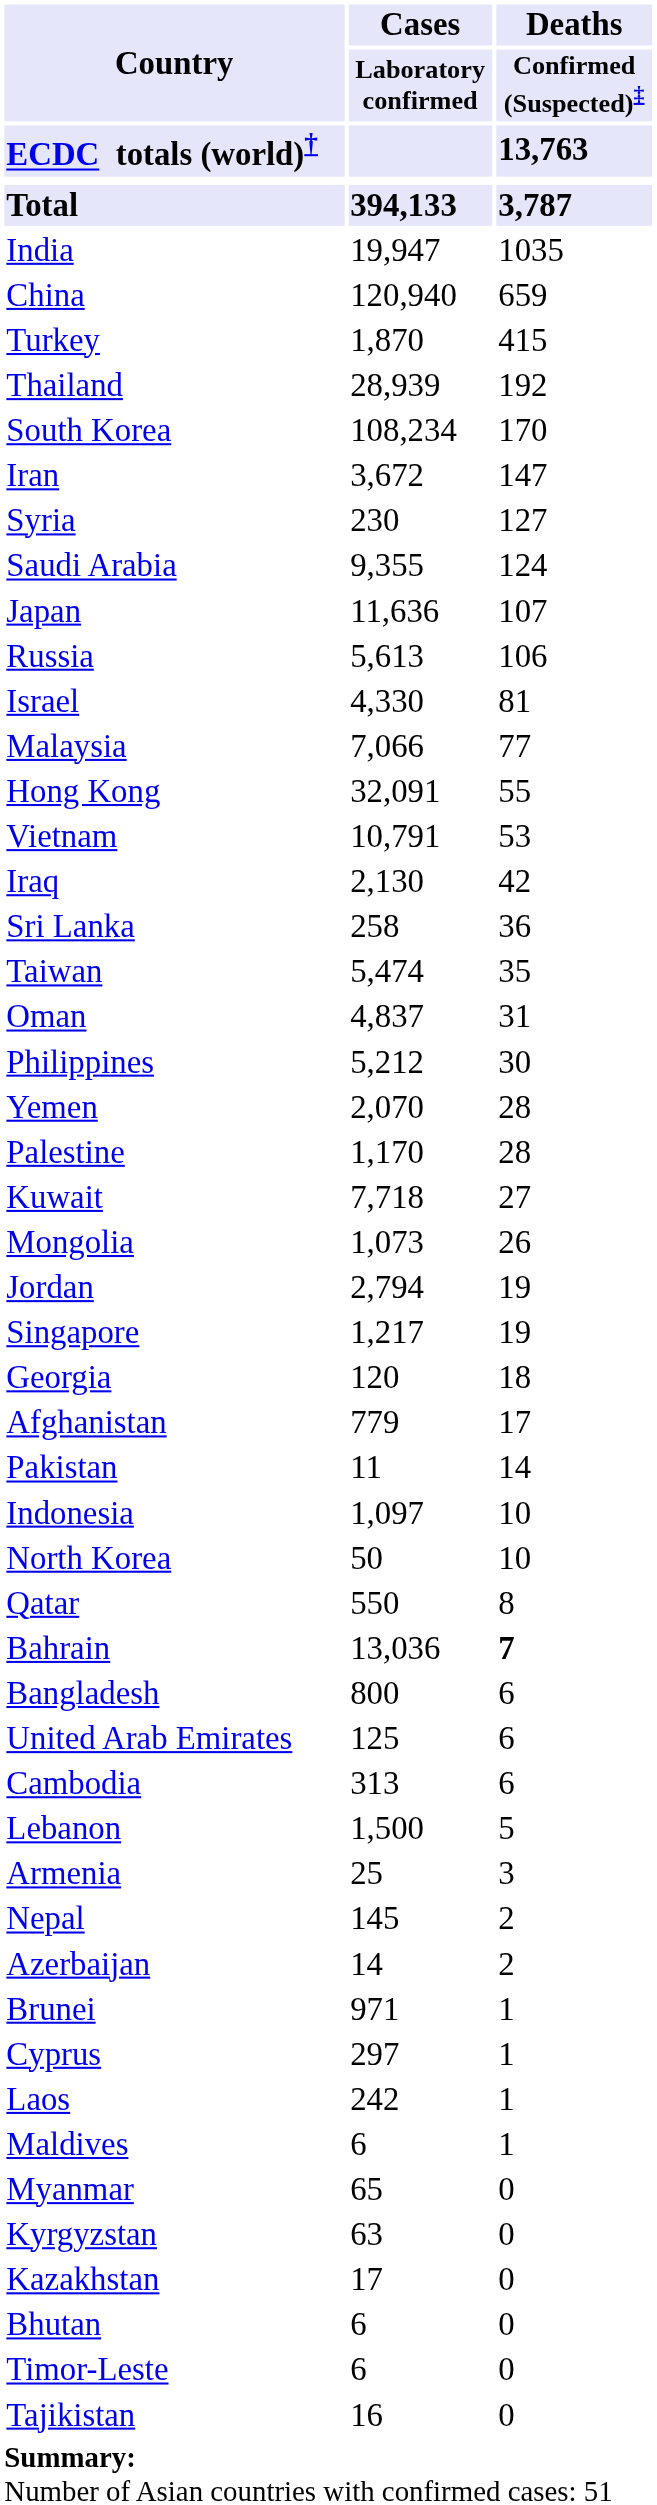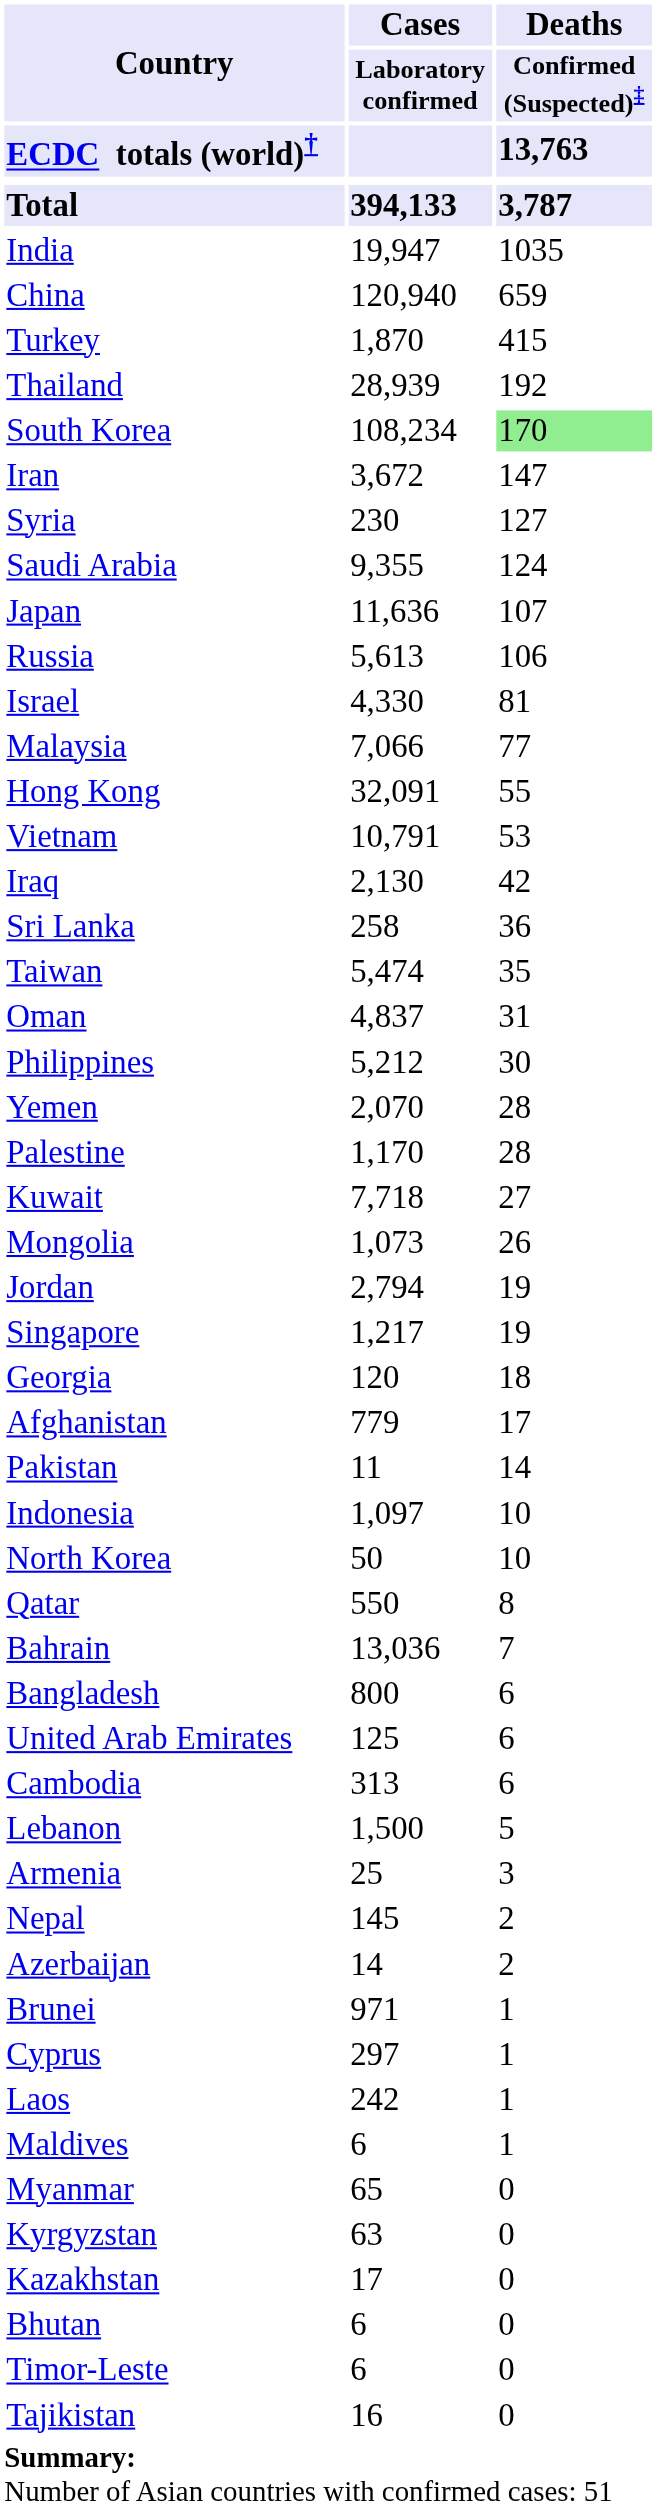 <table class="toccolours" style="float:right; clear:right;margin: 0.5em 0 0.5em 1em; width:20em">
 <tr style="background:lavender">
 <th rowspan="2">Country</th>
 <th>Cases</th>
 <th>Deaths</th>
 </tr>
 <tr style="font-size:80%;background:lavender">
 <th>Laboratory <br>confirmed</th>
 <th>Confirmed<br>(Suspected)<sup><a href='#'>‡</a></sup></th>
 </tr>
 <tr>
 <td style="background:lavender; font-weight:bold;"><a href='#'>ECDC</a>  totals (world)<sup><a href='#'>†</a></sup></td>
 <td style="background:lavender; font-weight:bold;"></td>
 <td style="background:lavender; font-weight:bold;">13,763</td>
 </tr>
 <tr>
 </tr>
 <tr style="font-weight:bold">
 <td style="background:lavender;">Total</td>
 <td style="background:lavender;">394,133</td>
 <td style="background:lavender;">3,787</td>
 </tr>
 <tr>
 <td style="text-align:left"><a href='#'>India</a></td>
 <td>19,947</td>
 <td>1035</td>
 </tr>
 <tr>
 <td style="text-align:left"><a href='#'>China</a><br></td>
 <td>120,940</td>
 <td>659</td>
 </tr>
 <tr>
 <td style="text-align:left"><a href='#'>Turkey</a></td>
 <td>1,870</td>
 <td>415</td>
 </tr>
 <tr>
 <td style="text-align:left"><a href='#'>Thailand</a></td>
 <td>28,939</td>
 <td>192</td>
 </tr>
 <tr>
 <td style="text-align:left"><a href='#'>South Korea</a></td>
 <td>108,234</td>
-<td>170</td>
+<td style="background: lightgreen;">170</td>
 </tr>
 <tr>
 <td style="text-align:left"><a href='#'>Iran</a></td>
 <td>3,672</td>
 <td>147</td>
 </tr>
 <tr>
 <td style="text-align:left"><a href='#'>Syria</a></td>
 <td>230</td>
 <td>127</td>
 </tr>
 <tr>
 <td style="text-align:left"><a href='#'>Saudi Arabia</a></td>
 <td>9,355</td>
 <td>124</td>
 </tr>
 <tr>
 <td style="text-align:left"><a href='#'>Japan</a><br></td>
 <td>11,636</td>
 <td>107</td>
 </tr>
 <tr>
 <td style="text-align:left"><a href='#'>Russia</a></td>
 <td>5,613</td>
 <td>106</td>
 </tr>
 <tr>
 <td style="text-align:left"><a href='#'>Israel</a></td>
 <td>4,330</td>
 <td>81</td>
 </tr>
 <tr>
 <td style="text-align:left"><a href='#'>Malaysia</a><br></td>
 <td>7,066</td>
 <td>77</td>
 </tr>
 <tr>
 <td style="text-align:left"><a href='#'>Hong Kong</a><br></td>
 <td>32,091</td>
 <td>55</td>
 </tr>
 <tr>
 <td style="text-align:left"><a href='#'>Vietnam</a></td>
 <td>10,791</td>
 <td>53</td>
 </tr>
 <tr>
 <td style="text-align:left"><a href='#'>Iraq</a></td>
 <td>2,130</td>
 <td>42</td>
 </tr>
 <tr>
 <td style="text-align:left"><a href='#'>Sri Lanka</a></td>
 <td>258</td>
 <td>36</td>
 </tr>
 <tr>
 <td style="text-align:left"><a href='#'>Taiwan</a></td>
 <td>5,474</td>
 <td>35</td>
 </tr>
 <tr>
 <td style="text-align:left"><a href='#'>Oman</a></td>
 <td>4,837</td>
 <td>31</td>
 </tr>
 <tr>
 <td style="text-align:left"><a href='#'>Philippines</a></td>
 <td>5,212</td>
 <td>30</td>
 </tr>
 <tr>
 <td style="text-align:left"><a href='#'>Yemen</a></td>
 <td>2,070</td>
 <td>28</td>
 </tr>
 <tr>
 <td style="text-align:left"><a href='#'>Palestine</a></td>
 <td>1,170</td>
 <td>28</td>
 </tr>
 <tr>
 <td style="text-align:left"><a href='#'>Kuwait</a></td>
 <td>7,718</td>
 <td>27</td>
 </tr>
 <tr>
 <td style="text-align:left"><a href='#'>Mongolia</a></td>
 <td>1,073</td>
 <td>26</td>
 </tr>
 <tr>
 <td style="text-align:left"><a href='#'>Jordan</a></td>
 <td>2,794</td>
 <td>19</td>
 </tr>
 <tr>
 <td style="text-align:left"><a href='#'>Singapore</a></td>
 <td>1,217</td>
 <td>19</td>
 </tr>
 <tr>
 <td style="text-align:left"><a href='#'>Georgia</a></td>
 <td>120</td>
 <td>18</td>
 </tr>
 <tr>
 <td style="text-align:left"><a href='#'>Afghanistan</a></td>
 <td>779</td>
 <td>17</td>
 </tr>
 <tr>
 <td style="text-align:left"><a href='#'>Pakistan</a></td>
 <td>11</td>
 <td>14</td>
 </tr>
 <tr>
 <td style="text-align:left"><a href='#'>Indonesia</a></td>
 <td>1,097</td>
 <td>10</td>
 </tr>
 <tr>
 <td style="text-align:left"><a href='#'>North Korea</a></td>
 <td>50<br></td>
 <td>10</td>
 </tr>
 <tr>
 <td style="text-align:left"><a href='#'>Qatar</a></td>
 <td>550</td>
 <td>8</td>
 </tr>
 <tr>
 <td style="text-align:left"><a href='#'>Bahrain</a></td>
 <td>13,036</td>
-<td><strong>7</strong></td>
+<td>7</td>
 </tr>
 <tr>
 <td style="text-align:left"><a href='#'>Bangladesh</a></td>
 <td>800</td>
 <td>6</td>
 </tr>
 <tr>
 <td style="text-align:left"><a href='#'>United Arab Emirates</a></td>
 <td>125</td>
 <td>6</td>
 </tr>
 <tr>
 <td style="text-align:left"><a href='#'>Cambodia</a></td>
 <td>313</td>
 <td>6</td>
 </tr>
 <tr>
 <td style="text-align:left"><a href='#'>Lebanon</a></td>
 <td>1,500</td>
 <td>5</td>
 </tr>
 <tr>
 <td style="text-align:left"><a href='#'>Armenia</a></td>
 <td>25</td>
 <td>3</td>
 </tr>
 <tr>
 <td style="text-align:left"><a href='#'>Nepal</a></td>
 <td>145</td>
 <td>2</td>
 </tr>
 <tr>
 <td style="text-align:left"><a href='#'>Azerbaijan</a></td>
 <td>14</td>
 <td>2</td>
 </tr>
 <tr>
 <td style="text-align:left"><a href='#'>Brunei</a></td>
 <td>971</td>
 <td>1</td>
 </tr>
 <tr>
 <td style="text-align:left"><a href='#'>Cyprus</a></td>
 <td>297</td>
 <td>1</td>
 </tr>
 <tr>
 <td style="text-align:left"><a href='#'>Laos</a></td>
 <td>242</td>
 <td>1</td>
 </tr>
 <tr>
 <td style="text-align:left"><a href='#'>Maldives</a></td>
 <td>6</td>
 <td>1</td>
 </tr>
 <tr>
 <td style="text-align:left"><a href='#'>Myanmar</a></td>
 <td>65</td>
 <td>0</td>
 </tr>
 <tr>
 <td style="text-align:left"><a href='#'>Kyrgyzstan</a></td>
 <td>63</td>
 <td>0</td>
 </tr>
 <tr>
 <td style="text-align:left"><a href='#'>Kazakhstan</a></td>
 <td>17</td>
 <td>0</td>
 </tr>
 <tr>
 <td style="text-align:left"><a href='#'>Bhutan</a></td>
 <td>6</td>
 <td>0</td>
 </tr>
 <tr>
 <td style="text-align:left"><a href='#'>Timor-Leste</a></td>
 <td>6</td>
 <td>0</td>
 </tr>
 <tr>
 <td style="text-align:left"><a href='#'>Tajikistan</a></td>
 <td>16</td>
 <td>0</td>
 </tr>
 <tr>
 <td colspan="3" style="padding: 0; margin: 0;font-size:88%;text-align:left;"><strong>Summary:</strong><br>Number of Asian countries with confirmed cases: 51</td>
 </tr>
 </table>
